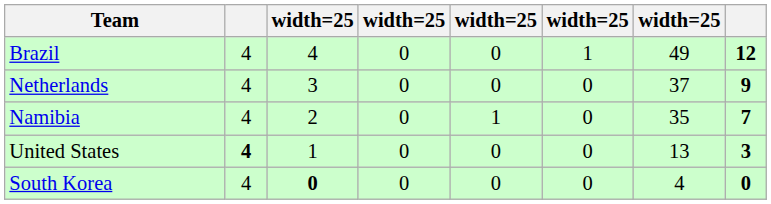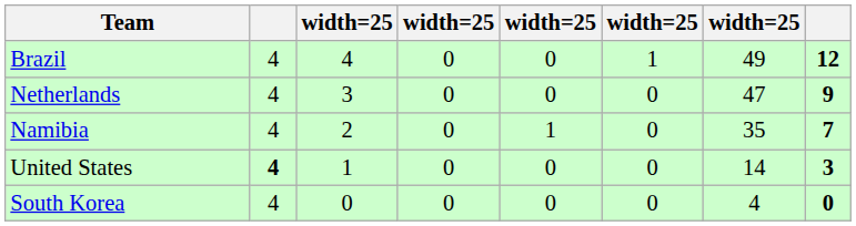 <table class="wikitable sortable" style="text-align: center; ">
 <tr>
 <th width=165>Team</th>
 <th width=25></th>
 <th>width=25</th>
 <th>width=25</th>
 <th>width=25</th>
 <th>width=25</th>
 <th>width=25</th>
 <th width=25></th>
 </tr>
 <tr style="background:#ccffcc;">
 <td style="text-align:left;"> <a href='#'>Brazil</a></td>
 <td>4</td>
 <td>4</td>
 <td>0</td>
 <td>0</td>
 <td>1</td>
 <td>49</td>
 <td><strong>12</strong></td>
 </tr>
 <tr style="background:#ccffcc;">
 <td style="text-align:left;"> <a href='#'>Netherlands</a></td>
 <td>4</td>
 <td>3</td>
 <td>0</td>
 <td>0</td>
 <td>0</td>
-<td>37</td>
+<td>47</td>
 <td><strong>9</strong></td>
 </tr>
 <tr style="background:#ccffcc;">
 <td style="text-align:left;"> <a href='#'>Namibia</a></td>
 <td>4</td>
 <td>2</td>
 <td>0</td>
 <td>1</td>
 <td>0</td>
 <td>35</td>
 <td><strong>7</strong></td>
 </tr>
 <tr style="background:#ccffcc;">
 <td style="text-align:left;"> United States</td>
 <td><strong>4</strong></td>
 <td>1</td>
 <td>0</td>
 <td>0</td>
 <td>0</td>
-<td>13</td>
+<td>14</td>
 <td><strong>3</strong></td>
 </tr>
 <tr style="background:#ccffcc;">
 <td style="text-align:left;"> <a href='#'>South Korea</a></td>
 <td>4</td>
-<td><strong>0</strong></td>
+<td>0</td>
 <td>0</td>
 <td>0</td>
 <td>0</td>
 <td>4</td>
 <td><strong>0</strong></td>
 </tr>
 </table>
